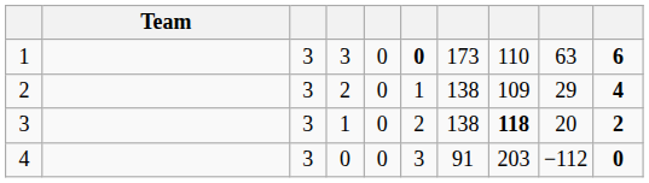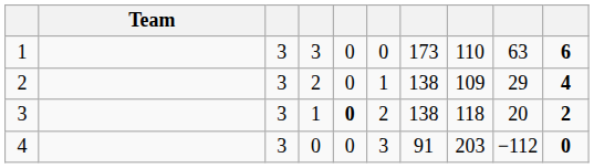 <table class=wikitable style=text-align:center>
 <tr>
 <th width=20 abbr=Position></th>
 <th width=175>Team</th>
 <th width=20 abbr=Played></th>
 <th width=20 abbr=Won></th>
 <th width=20 abbr=Drawn></th>
 <th width=20 abbr=Lost></th>
 <th width=30 abbr=Goal For></th>
 <th width=30 abbr=Goal Against></th>
 <th width=30 abbr=Goal Difference></th>
 <th width=30 abbr=Points></th>
 </tr>
 <tr>
 <td>1 </td>
 <td align=left></td>
 <td>3</td>
 <td>3</td>
 <td>0</td>
-<td><strong>0</strong></td>
+<td>0</td>
 <td>173</td>
 <td>110</td>
 <td>63</td>
 <td><strong>6</strong></td>
 </tr>
 <tr>
 <td>2 </td>
 <td align=left></td>
 <td>3</td>
 <td>2</td>
 <td>0</td>
 <td>1</td>
 <td>138</td>
 <td>109</td>
 <td>29</td>
 <td><strong>4</strong></td>
 </tr>
 <tr>
 <td>3 </td>
 <td align=left></td>
 <td>3</td>
 <td>1</td>
-<td>0</td>
+<td><strong>0</strong></td>
 <td>2</td>
 <td>138</td>
-<td><strong>118</strong></td>
+<td>118</td>
 <td>20</td>
 <td><strong>2</strong></td>
 </tr>
 <tr>
 <td>4 </td>
 <td align=left></td>
 <td>3</td>
 <td>0</td>
 <td>0</td>
 <td>3</td>
 <td>91</td>
 <td>203</td>
 <td>−112</td>
 <td><strong>0</strong></td>
 </tr>
 </table>
